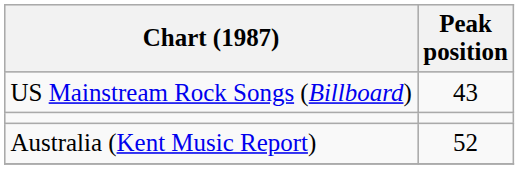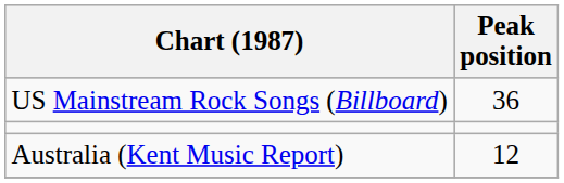 <table class="wikitable sortable">
 <tr>
 <th>Chart (1987)</th>
 <th>Peak<br>position</th>
 </tr>
 <tr>
 <td>US <a href='#'>Mainstream Rock Songs</a>  (<em><a href='#'>Billboard</a></em>)</td>
-<td style="text-align:center;">43</td>
+<td style="text-align:center;">36</td>
 </tr>
 <tr>
 <td></td>
 </tr>
 <tr>
 <td>Australia (<a href='#'>Kent Music Report</a>)</td>
-<td style="text-align:center;">52</td>
+<td style="text-align:center;">12</td>
 </tr>
 <tr>
 </tr>
 </table>
